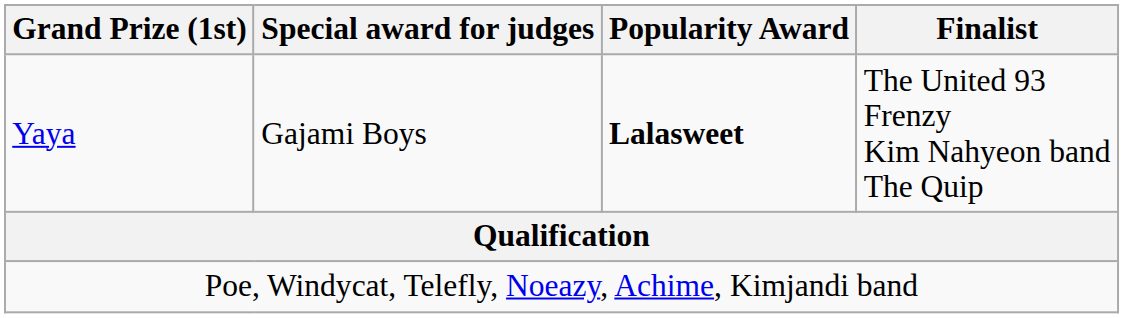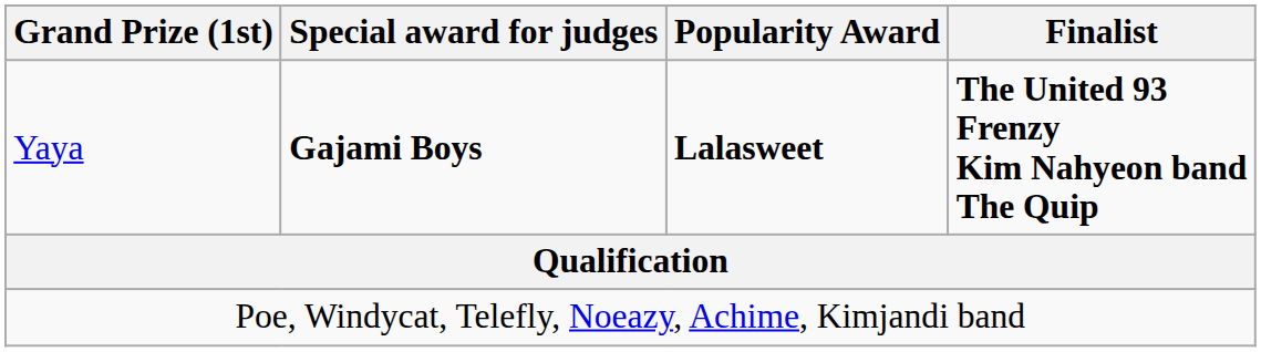 <table class="wikitable">
 <tr>
 <th scope="col">Grand Prize (1st)</th>
 <th scope="col">Special award for judges</th>
 <th scope="col">Popularity Award</th>
 <th scope="col">Finalist</th>
 </tr>
 <tr>
 <td scope="row"><a href='#'>Yaya</a></td>
-<td scope="row">Gajami Boys</td>
+<td scope="row"><strong>Gajami Boys</strong></td>
 <td scope="row"><strong>Lalasweet</strong></td>
-<td scope="row">The United 93<br>Frenzy<br>Kim Nahyeon band<br>The Quip</td>
+<td scope="row"><strong>The United 93<br>Frenzy<br>Kim Nahyeon band<br>The Quip</strong></td>
 </tr>
 <tr>
 <th colspan="4" align="center">Qualification</th>
 </tr>
 <tr>
 <td colspan="4" align="center">Poe, Windycat, Telefly, <a href='#'>Noeazy</a>, <a href='#'>Achime</a>, Kimjandi band</td>
 </tr>
 </table>
